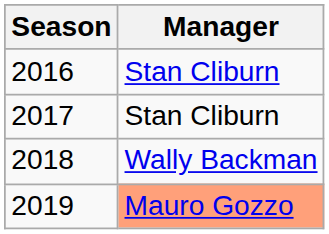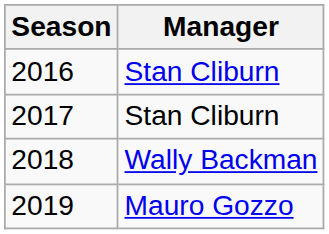 <table class="wikitable">
 <tr>
 <th>Season</th>
 <th>Manager</th>
 </tr>
 <tr>
 <td>2016</td>
 <td><a href='#'>Stan Cliburn</a></td>
 </tr>
 <tr>
 <td>2017</td>
 <td>Stan Cliburn</td>
 </tr>
 <tr>
 <td>2018</td>
 <td><a href='#'>Wally Backman</a></td>
 </tr>
 <tr>
 <td>2019</td>
-<td style="background: lightsalmon;"><a href='#'>Mauro Gozzo</a></td>
+<td><a href='#'>Mauro Gozzo</a></td>
 </tr>
 </table>
